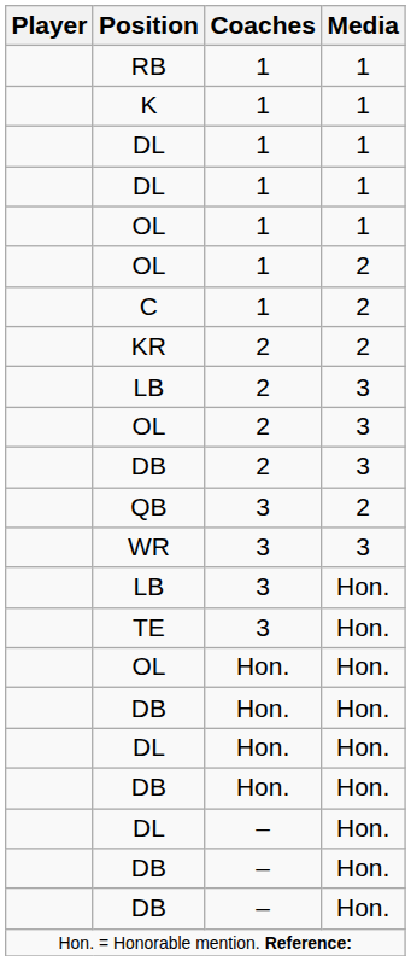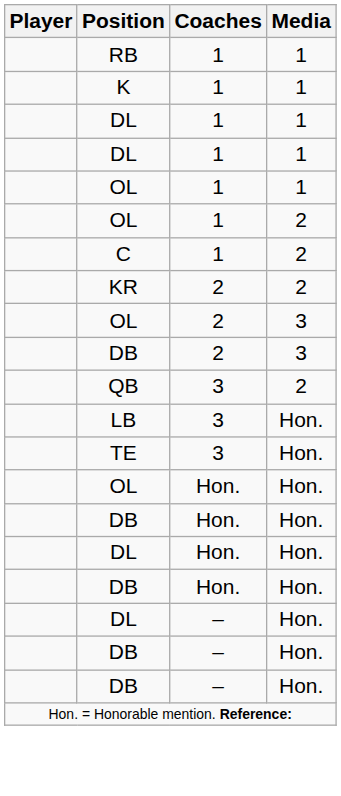 <table class="wikitable sortable sortable" style="text-align: center">
 <tr align=center>
 <th>Player</th>
 <th>Position</th>
 <th>Coaches</th>
 <th>Media</th>
 </tr>
 <tr>
 <td></td>
 <td>RB</td>
 <td>1</td>
 <td>1</td>
 </tr>
 <tr>
 <td></td>
 <td>K</td>
 <td>1</td>
 <td>1</td>
 </tr>
 <tr>
 <td></td>
 <td>DL</td>
 <td>1</td>
 <td>1</td>
 </tr>
 <tr>
 <td></td>
 <td>DL</td>
 <td>1</td>
 <td>1</td>
 </tr>
 <tr>
 <td></td>
 <td>OL</td>
 <td>1</td>
 <td>1</td>
 </tr>
 <tr>
 <td></td>
 <td>OL</td>
 <td>1</td>
 <td>2</td>
 </tr>
 <tr>
 <td></td>
 <td>C</td>
 <td>1</td>
 <td>2</td>
 </tr>
 <tr>
 <td></td>
 <td>KR</td>
 <td>2</td>
 <td>2</td>
 </tr>
 <tr>
 <td></td>
-<td>LB</td>
-<td>2</td>
-<td>3</td>
-</tr>
-<tr>
-<td></td>
 <td>OL</td>
 <td>2</td>
 <td>3</td>
 </tr>
 <tr>
 <td></td>
 <td>DB</td>
 <td>2</td>
 <td>3</td>
 </tr>
 <tr>
 <td></td>
 <td>QB</td>
 <td>3</td>
 <td>2</td>
-</tr>
-<tr>
-<td></td>
-<td>WR</td>
-<td>3</td>
-<td>3</td>
 </tr>
 <tr>
 <td></td>
 <td>LB</td>
 <td>3</td>
 <td data-sort-value="4">Hon.</td>
 </tr>
 <tr>
 <td></td>
 <td>TE</td>
 <td>3</td>
 <td data-sort-value="4">Hon.</td>
 </tr>
 <tr>
 <td></td>
 <td>OL</td>
 <td data-sort-value="4">Hon.</td>
 <td data-sort-value="4">Hon.</td>
 </tr>
 <tr>
 <td></td>
 <td>DB</td>
 <td data-sort-value="4">Hon.</td>
 <td data-sort-value="4">Hon.</td>
 </tr>
 <tr>
 <td></td>
 <td>DL</td>
 <td data-sort-value="4">Hon.</td>
 <td data-sort-value="4">Hon.</td>
 </tr>
 <tr>
 <td></td>
 <td>DB</td>
 <td data-sort-value="4">Hon.</td>
 <td data-sort-value="4">Hon.</td>
 </tr>
 <tr>
 <td></td>
 <td>DL</td>
 <td>–</td>
 <td data-sort-value="4">Hon.</td>
 </tr>
 <tr>
 <td></td>
 <td>DB</td>
 <td>–</td>
 <td data-sort-value="4">Hon.</td>
 </tr>
 <tr>
 <td></td>
 <td>DB</td>
 <td>–</td>
 <td data-sort-value="4">Hon.</td>
 </tr>
 <tr class="sortbottom">
 <td colspan="4"  style="font-size:8pt; text-align:center;">Hon. = Honorable mention. <strong>Reference:</strong></td>
 </tr>
 </table>
